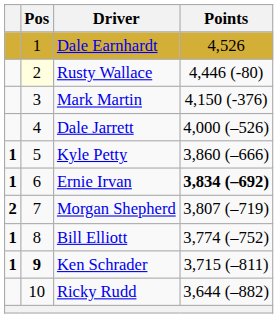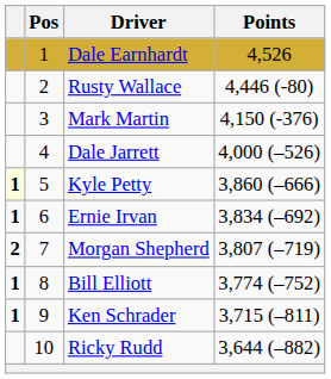 <table class="wikitable" style="font-size: 95%;">
 <tr>
 <th></th>
 <th>Pos</th>
 <th>Driver</th>
 <th>Points</th>
 </tr>
 <tr style="background:#D4AF37;">
 <td align="left"></td>
 <td style="text-align:center;">1</td>
 <td><a href='#'>Dale Earnhardt</a></td>
 <td style="text-align:center;">4,526</td>
 </tr>
 <tr>
 <td align="left"></td>
-<td style="background: lightyellow; text-align:center;">2</td>
+<td style="text-align:center;">2</td>
 <td><a href='#'>Rusty Wallace</a></td>
 <td style="text-align:center;">4,446 (-80)</td>
 </tr>
 <tr>
 <td align="left"></td>
 <td style="text-align:center;">3</td>
 <td><a href='#'>Mark Martin</a></td>
 <td style="text-align:center;">4,150 (-376)</td>
 </tr>
 <tr>
 <td align="left"></td>
 <td style="text-align:center;">4</td>
 <td><a href='#'>Dale Jarrett</a></td>
 <td style="text-align:center;">4,000 (–526)</td>
 </tr>
 <tr>
-<td align="left"> <strong>1</strong></td>
+<td align="left" style="background: lightyellow;"> <strong>1</strong></td>
 <td style="text-align:center;">5</td>
 <td><a href='#'>Kyle Petty</a></td>
 <td style="text-align:center;">3,860 (–666)</td>
 </tr>
 <tr>
 <td align="left"> <strong>1</strong></td>
 <td style="text-align:center;">6</td>
 <td><a href='#'>Ernie Irvan</a></td>
-<td style="text-align:center;"><strong>3,834 (–692)</strong></td>
+<td style="text-align:center;">3,834 (–692)</td>
 </tr>
 <tr>
 <td align="left"> <strong>2</strong></td>
 <td style="text-align:center;">7</td>
 <td><a href='#'>Morgan Shepherd</a></td>
 <td style="text-align:center;">3,807 (–719)</td>
 </tr>
 <tr>
 <td align="left"> <strong>1</strong></td>
 <td style="text-align:center;">8</td>
 <td><a href='#'>Bill Elliott</a></td>
 <td style="text-align:center;">3,774 (–752)</td>
 </tr>
 <tr>
 <td align="left"> <strong>1</strong></td>
-<td style="text-align:center;"><strong>9</strong></td>
+<td style="text-align:center;">9</td>
 <td><a href='#'>Ken Schrader</a></td>
 <td style="text-align:center;">3,715 (–811)</td>
 </tr>
 <tr>
 <td align="left"></td>
 <td style="text-align:center;">10</td>
 <td><a href='#'>Ricky Rudd</a></td>
 <td style="text-align:center;">3,644 (–882)</td>
 </tr>
 <tr class="sortbottom">
 <th colspan="9"></th>
 </tr>
 </table>
